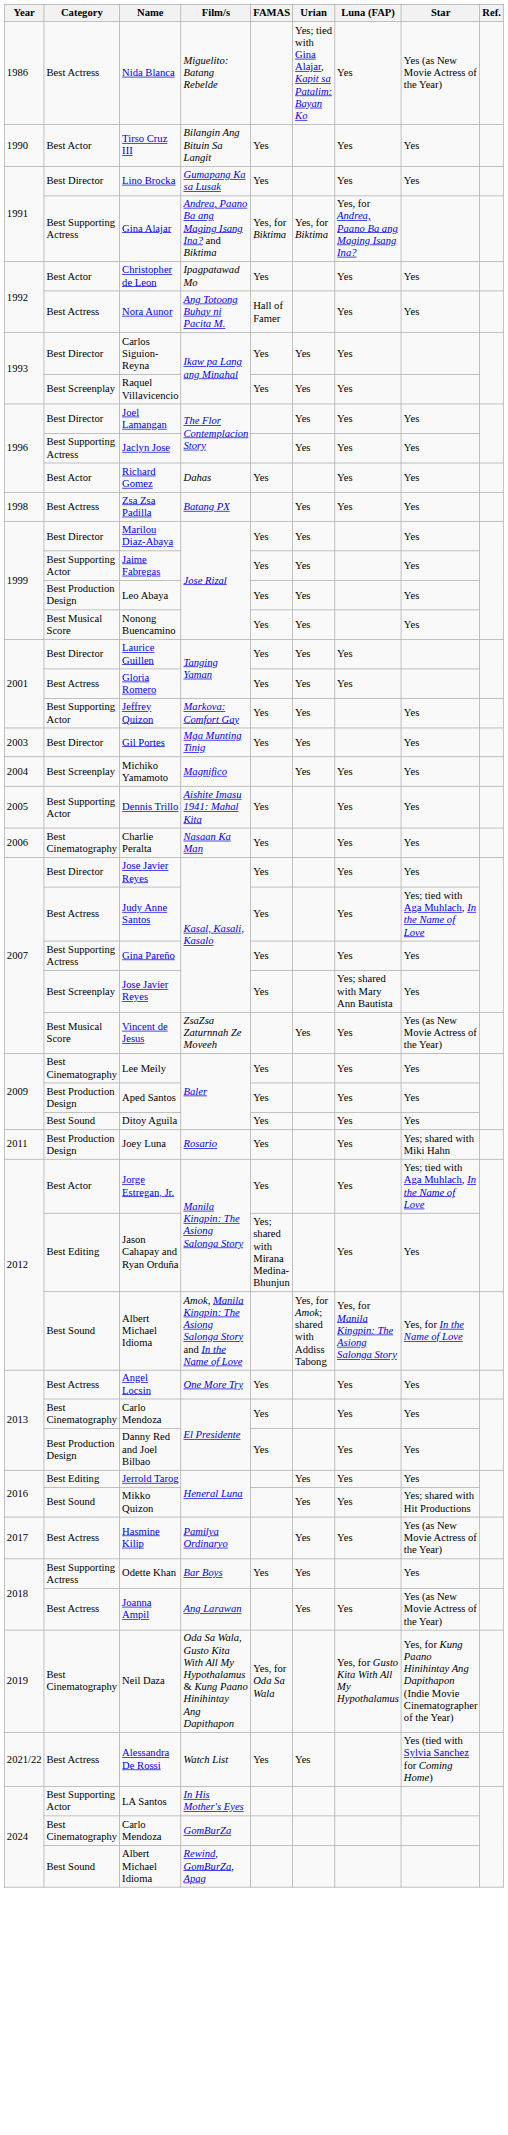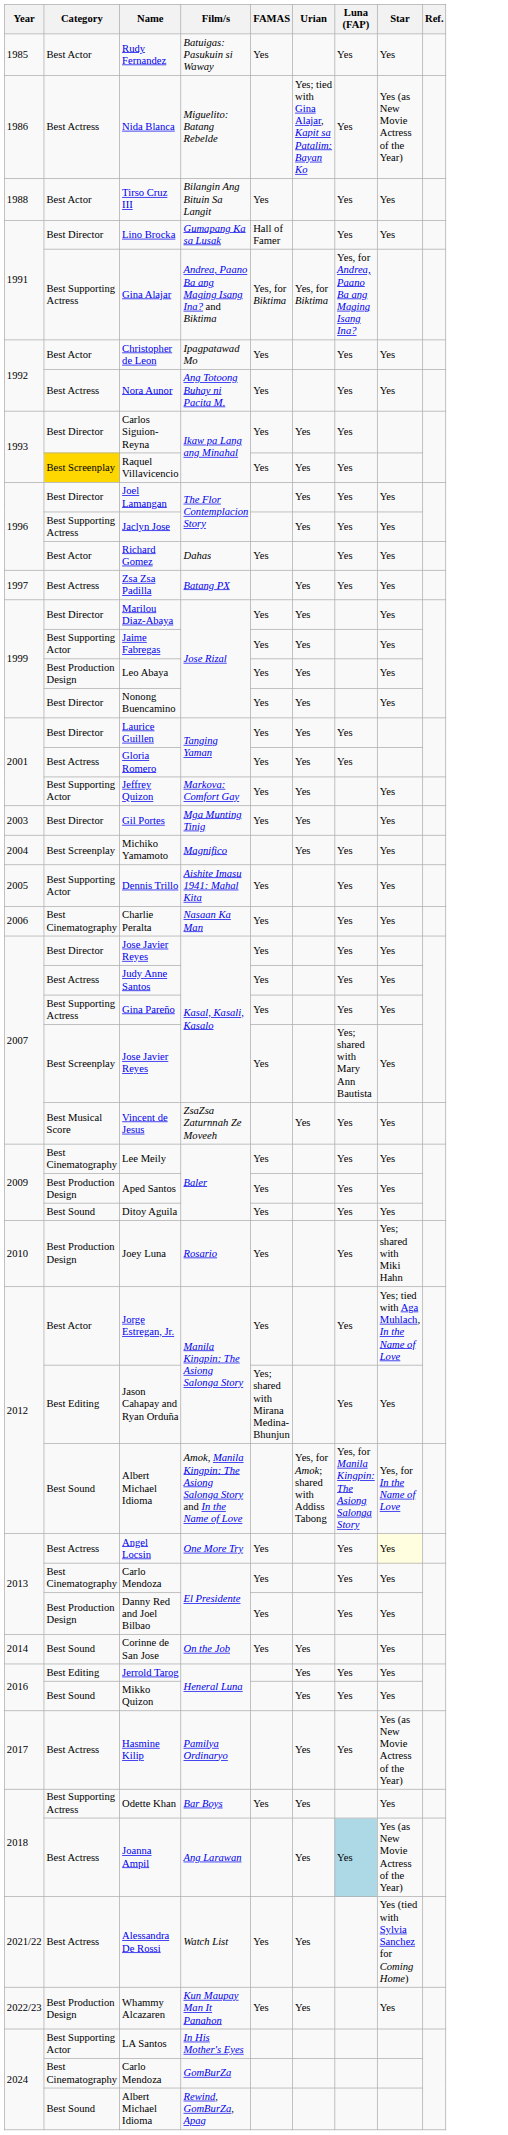 <table class=wikitable style="font-size:92%;" style="text-align:center">
 <tr>
 <th>Year</th>
 <th>Category</th>
 <th>Name</th>
 <th>Film/s</th>
 <th>FAMAS</th>
 <th>Urian</th>
 <th>Luna (FAP)</th>
 <th>Star</th>
 <th>Ref.</th>
 </tr>
 <tr>
+<td>1985</td>
+<td>Best Actor</td>
+<td><a href='#'>Rudy Fernandez</a></td>
+<td><em>Batuigas: Pasukuin si Waway</em></td>
+<td>Yes</td>
+<td></td>
+<td>Yes</td>
+<td>Yes</td>
+<td><br></td>
+</tr>
+<tr>
 <td>1986</td>
 <td>Best Actress</td>
 <td><a href='#'>Nida Blanca</a></td>
 <td><em>Miguelito: Batang Rebelde</em></td>
 <td></td>
 <td>Yes; tied with <a href='#'>Gina Alajar</a>, <em><a href='#'>Kapit sa Patalim: Bayan Ko</a></em></td>
 <td>Yes</td>
 <td>Yes (as New Movie Actress of the Year)</td>
 <td></td>
 </tr>
 <tr>
-<td>1990</td>
+<td>1988</td>
 <td>Best Actor</td>
 <td><a href='#'>Tirso Cruz III</a></td>
 <td><em>Bilangin Ang Bituin Sa Langit</em></td>
 <td>Yes</td>
 <td></td>
 <td>Yes</td>
 <td>Yes</td>
 <td><br></td>
 </tr>
 <tr>
 <td rowspan="2">1991</td>
 <td>Best Director</td>
 <td><a href='#'>Lino Brocka</a></td>
 <td><em><a href='#'>Gumapang Ka sa Lusak</a></em></td>
-<td>Yes</td>
+<td>Hall of Famer</td>
 <td></td>
 <td>Yes</td>
 <td>Yes</td>
 <td></td>
 </tr>
 <tr>
 <td>Best Supporting Actress</td>
 <td><a href='#'>Gina Alajar</a></td>
 <td><em><a href='#'>Andrea, Paano Ba ang Maging Isang Ina?</a></em> and <em>Biktima</em></td>
 <td>Yes, for <em>Biktima</em></td>
 <td>Yes, for <em>Biktima</em></td>
 <td>Yes, for <em><a href='#'>Andrea, Paano Ba ang Maging Isang Ina?</a></em></td>
 <td></td>
 <td></td>
 </tr>
 <tr>
 <td rowspan="2">1992</td>
 <td>Best Actor</td>
 <td><a href='#'>Christopher de Leon</a></td>
 <td><em>Ipagpatawad Mo</em></td>
 <td>Yes</td>
 <td></td>
 <td>Yes</td>
 <td>Yes</td>
 <td></td>
 </tr>
 <tr>
 <td>Best Actress</td>
 <td><a href='#'>Nora Aunor</a></td>
 <td><em><a href='#'>Ang Totoong Buhay ni Pacita M.</a></em></td>
-<td>Hall of Famer</td>
+<td>Yes</td>
 <td></td>
 <td>Yes</td>
 <td>Yes</td>
 <td></td>
 </tr>
 <tr>
 <td rowspan="2">1993</td>
 <td>Best Director</td>
 <td>Carlos Siguion-Reyna</td>
 <td rowspan="2"><em><a href='#'>Ikaw pa Lang ang Minahal</a></em></td>
 <td>Yes</td>
 <td>Yes</td>
 <td>Yes</td>
 <td></td>
 <td rowspan="2"></td>
 </tr>
 <tr>
-<td>Best Screenplay</td>
+<td style="background: gold;">Best Screenplay</td>
 <td>Raquel Villavicencio</td>
 <td>Yes</td>
 <td>Yes</td>
 <td>Yes</td>
 <td></td>
 </tr>
 <tr>
 <td rowspan="3">1996</td>
 <td>Best Director</td>
 <td><a href='#'>Joel Lamangan</a></td>
 <td rowspan="2"><em><a href='#'>The Flor Contemplacion Story</a></em></td>
 <td></td>
 <td>Yes</td>
 <td>Yes</td>
 <td>Yes</td>
 <td rowspan="2"></td>
 </tr>
 <tr>
 <td>Best Supporting Actress</td>
 <td><a href='#'>Jaclyn Jose</a></td>
 <td></td>
 <td>Yes</td>
 <td>Yes</td>
 <td>Yes</td>
 </tr>
 <tr>
 <td>Best Actor</td>
 <td><a href='#'>Richard Gomez</a></td>
 <td><em>Dahas</em></td>
 <td>Yes</td>
 <td></td>
 <td>Yes</td>
 <td>Yes</td>
 <td></td>
 </tr>
 <tr>
-<td>1998</td>
+<td>1997</td>
 <td>Best Actress</td>
 <td><a href='#'>Zsa Zsa Padilla</a></td>
 <td><em><a href='#'>Batang PX</a></em></td>
 <td></td>
 <td>Yes</td>
 <td>Yes</td>
 <td>Yes</td>
 <td></td>
 </tr>
 <tr>
 <td rowspan="4">1999</td>
 <td>Best Director</td>
 <td><a href='#'>Marilou Diaz-Abaya</a></td>
 <td rowspan="4"><em><a href='#'>Jose Rizal</a></em></td>
 <td>Yes</td>
 <td>Yes</td>
 <td></td>
 <td>Yes</td>
 <td rowspan="4"></td>
 </tr>
 <tr>
 <td>Best Supporting Actor</td>
 <td><a href='#'>Jaime Fabregas</a></td>
 <td>Yes</td>
 <td>Yes</td>
 <td></td>
 <td>Yes</td>
 </tr>
 <tr>
 <td>Best Production Design</td>
 <td>Leo Abaya</td>
 <td>Yes</td>
 <td>Yes</td>
 <td></td>
 <td>Yes</td>
 </tr>
 <tr>
-<td>Best Musical Score</td>
+<td>Best Director</td>
 <td>Nonong Buencamino</td>
 <td>Yes</td>
 <td>Yes</td>
 <td></td>
 <td>Yes</td>
 </tr>
 <tr>
 <td rowspan="3">2001</td>
 <td>Best Director</td>
 <td><a href='#'>Laurice Guillen</a></td>
 <td rowspan="2"><em><a href='#'>Tanging Yaman</a></em></td>
 <td>Yes</td>
 <td>Yes</td>
 <td>Yes</td>
 <td></td>
 <td rowspan="2"></td>
 </tr>
 <tr>
 <td>Best Actress</td>
 <td><a href='#'>Gloria Romero</a></td>
 <td>Yes</td>
 <td>Yes</td>
 <td>Yes</td>
 <td></td>
 </tr>
 <tr>
 <td>Best Supporting Actor</td>
 <td><a href='#'>Jeffrey Quizon</a></td>
 <td><em><a href='#'>Markova: Comfort Gay</a></em></td>
 <td>Yes</td>
 <td>Yes</td>
 <td></td>
 <td>Yes</td>
 <td></td>
 </tr>
 <tr>
 <td>2003</td>
 <td>Best Director</td>
 <td><a href='#'>Gil Portes</a></td>
 <td><em><a href='#'>Mga Munting Tinig</a></em></td>
 <td>Yes</td>
 <td>Yes</td>
 <td></td>
 <td>Yes</td>
 <td></td>
 </tr>
 <tr>
 <td>2004</td>
 <td>Best Screenplay</td>
 <td>Michiko Yamamoto</td>
 <td><em><a href='#'>Magnifico</a></em></td>
 <td></td>
 <td>Yes</td>
 <td>Yes</td>
 <td>Yes</td>
 <td></td>
 </tr>
 <tr>
 <td>2005</td>
 <td>Best Supporting Actor </td>
 <td><a href='#'>Dennis Trillo</a></td>
 <td><em><a href='#'>Aishite Imasu 1941: Mahal Kita</a></em></td>
 <td>Yes</td>
 <td></td>
 <td>Yes</td>
 <td>Yes</td>
 <td></td>
 </tr>
 <tr>
 <td>2006</td>
 <td>Best Cinematography</td>
 <td>Charlie Peralta</td>
 <td><em><a href='#'>Nasaan Ka Man</a></em></td>
 <td>Yes</td>
 <td></td>
 <td>Yes</td>
 <td>Yes</td>
 <td></td>
 </tr>
 <tr>
 <td rowspan="5">2007</td>
 <td>Best Director</td>
 <td><a href='#'>Jose Javier Reyes</a></td>
 <td rowspan="4"><em><a href='#'>Kasal, Kasali, Kasalo</a></em></td>
 <td>Yes</td>
 <td></td>
 <td>Yes</td>
 <td>Yes</td>
 <td rowspan="4"></td>
 </tr>
 <tr>
 <td>Best Actress</td>
 <td><a href='#'>Judy Anne Santos</a></td>
 <td>Yes</td>
 <td></td>
 <td>Yes</td>
-<td>Yes; tied with <a href='#'>Aga Muhlach</a>, <em><a href='#'>In the Name of Love</a></em></td>
+<td>Yes</td>
 </tr>
 <tr>
 <td>Best Supporting Actress</td>
 <td><a href='#'>Gina Pareño</a></td>
 <td>Yes</td>
 <td></td>
 <td>Yes</td>
 <td>Yes</td>
 </tr>
 <tr>
 <td>Best Screenplay</td>
 <td><a href='#'>Jose Javier Reyes</a></td>
 <td>Yes</td>
 <td></td>
 <td>Yes; shared with Mary Ann Bautista</td>
 <td>Yes</td>
 </tr>
 <tr>
 <td>Best Musical Score</td>
 <td><a href='#'>Vincent de Jesus</a></td>
 <td><em>ZsaZsa Zaturnnah Ze Moveeh</em></td>
 <td></td>
 <td>Yes</td>
 <td>Yes</td>
-<td>Yes (as New Movie Actress of the Year)</td>
+<td>Yes</td>
 <td></td>
 </tr>
 <tr>
 <td rowspan="3">2009</td>
 <td>Best Cinematography</td>
 <td>Lee Meily</td>
 <td rowspan="3"><em><a href='#'>Baler</a></em></td>
 <td>Yes</td>
 <td></td>
 <td>Yes</td>
 <td>Yes</td>
 <td rowspan="3"></td>
 </tr>
 <tr>
 <td>Best Production Design</td>
 <td>Aped Santos</td>
 <td>Yes</td>
 <td></td>
 <td>Yes</td>
 <td>Yes</td>
 </tr>
 <tr>
 <td>Best Sound</td>
 <td>Ditoy Aguila</td>
 <td>Yes</td>
 <td></td>
 <td>Yes</td>
 <td>Yes</td>
 </tr>
 <tr>
-<td>2011</td>
+<td>2010</td>
 <td>Best Production Design</td>
 <td>Joey Luna</td>
 <td><em><a href='#'>Rosario</a></em></td>
 <td>Yes</td>
 <td></td>
 <td>Yes</td>
 <td>Yes; shared with Miki Hahn</td>
 <td></td>
 </tr>
 <tr>
 <td rowspan="3">2012</td>
 <td>Best Actor</td>
 <td><a href='#'>Jorge Estregan, Jr.</a></td>
 <td rowspan="2"><em><a href='#'>Manila Kingpin: The Asiong Salonga Story</a></em></td>
 <td>Yes</td>
 <td></td>
 <td>Yes</td>
 <td>Yes; tied with <a href='#'>Aga Muhlach</a>, <em><a href='#'>In the Name of Love</a></em></td>
 <td rowspan="2"></td>
 </tr>
 <tr>
 <td>Best Editing</td>
 <td>Jason Cahapay and Ryan Orduña</td>
 <td>Yes; shared with Mirana Medina-Bhunjun</td>
 <td></td>
 <td>Yes</td>
 <td>Yes</td>
 </tr>
 <tr>
 <td>Best Sound</td>
 <td>Albert Michael Idioma</td>
 <td><em>Amok</em>, <em><a href='#'>Manila Kingpin: The Asiong Salonga Story</a></em> and <em><a href='#'>In the Name of Love</a></em></td>
 <td></td>
 <td>Yes, for <em>Amok</em>; shared with Addiss Tabong</td>
 <td>Yes, for <em><a href='#'>Manila Kingpin: The Asiong Salonga Story</a></em></td>
 <td>Yes, for <em><a href='#'>In the Name of Love</a></em></td>
 <td></td>
 </tr>
 <tr>
 <td rowspan="3">2013</td>
 <td>Best Actress</td>
 <td><a href='#'>Angel Locsin</a></td>
 <td><em><a href='#'>One More Try</a></em></td>
 <td>Yes</td>
 <td></td>
 <td>Yes</td>
-<td>Yes</td>
+<td style="background: lightyellow;">Yes</td>
 <td></td>
 </tr>
 <tr>
 <td>Best Cinematography</td>
 <td>Carlo Mendoza</td>
 <td rowspan="2"><em><a href='#'>El Presidente</a></em></td>
 <td>Yes</td>
 <td></td>
 <td>Yes</td>
 <td>Yes</td>
 <td rowspan="2"></td>
 </tr>
 <tr>
 <td>Best Production Design</td>
 <td>Danny Red and Joel Bilbao</td>
 <td>Yes</td>
 <td></td>
 <td>Yes</td>
 <td>Yes</td>
 </tr>
 <tr>
+<td>2014</td>
+<td>Best Sound</td>
+<td>Corinne de San Jose</td>
+<td><em><a href='#'>On the Job</a></em></td>
+<td>Yes</td>
+<td>Yes</td>
+<td></td>
+<td>Yes</td>
+<td></td>
+</tr>
+<tr>
 <td rowspan="2">2016</td>
 <td>Best Editing</td>
 <td><a href='#'>Jerrold Tarog</a></td>
 <td rowspan="2"><em><a href='#'>Heneral Luna</a></em></td>
 <td></td>
 <td>Yes</td>
 <td>Yes</td>
 <td>Yes</td>
 <td rowspan="2"></td>
 </tr>
 <tr>
 <td>Best Sound</td>
 <td>Mikko Quizon</td>
 <td></td>
 <td>Yes</td>
 <td>Yes</td>
-<td>Yes; shared with Hit Productions</td>
+<td>Yes</td>
 </tr>
 <tr>
 <td>2017</td>
 <td>Best Actress</td>
 <td><a href='#'>Hasmine Kilip</a></td>
 <td><em><a href='#'>Pamilya Ordinaryo</a></em></td>
 <td></td>
 <td>Yes</td>
 <td>Yes</td>
 <td>Yes (as New Movie Actress of the Year)</td>
 <td></td>
 </tr>
 <tr>
 <td Rowspan="2">2018</td>
 <td>Best Supporting Actress</td>
 <td>Odette Khan</td>
 <td><em><a href='#'>Bar Boys</a></em></td>
 <td>Yes</td>
 <td>Yes</td>
 <td></td>
 <td>Yes</td>
 <td></td>
 </tr>
 <tr>
 <td>Best Actress</td>
 <td><a href='#'>Joanna Ampil</a></td>
 <td><em><a href='#'>Ang Larawan</a></em></td>
 <td></td>
 <td>Yes</td>
-<td>Yes</td>
+<td style="background: lightblue;">Yes</td>
 <td>Yes (as New Movie Actress of the Year)</td>
-<td></td>
-</tr>
-<tr>
-<td>2019</td>
-<td>Best Cinematography</td>
-<td>Neil Daza</td>
-<td><em>Oda Sa Wala</em>, <em>Gusto Kita With All My Hypothalamus</em> & <em>Kung Paano Hinihintay Ang Dapithapon</em></td>
-<td>Yes, for <em>Oda Sa Wala</em></td>
-<td></td>
-<td>Yes, for <em>Gusto Kita With All My Hypothalamus</em></td>
-<td>Yes, for <em>Kung Paano Hinihintay Ang Dapithapon</em> (Indie Movie Cinematographer of the Year)</td>
 <td></td>
 </tr>
 <tr>
 <td>2021/22</td>
 <td>Best Actress</td>
 <td><a href='#'>Alessandra De Rossi</a></td>
 <td><em>Watch List</em></td>
 <td>Yes</td>
 <td>Yes</td>
 <td></td>
 <td>Yes (tied with <a href='#'>Sylvia Sanchez</a> for <em>Coming Home</em>)</td>
 <td></td>
+</tr>
+<tr>
+<td>2022/23</td>
+<td>Best Production Design</td>
+<td>Whammy Alcazaren</td>
+<td><em><a href='#'>Kun Maupay Man It Panahon</a></em></td>
+<td>Yes</td>
+<td>Yes</td>
+<td></td>
+<td>Yes</td>
+<td><br> </td>
 </tr>
 <tr>
 <td rowspan="3">2024</td>
 <td>Best Supporting Actor</td>
 <td>LA Santos</td>
 <td><em><a href='#'>In His Mother's Eyes</a></em></td>
 <td></td>
 <td></td>
 <td></td>
 <td></td>
 <td rowspan="3"><br>      </td>
 </tr>
 <tr>
 <td>Best Cinematography</td>
 <td>Carlo Mendoza</td>
 <td><em><a href='#'>GomBurZa</a></em></td>
 <td></td>
 <td></td>
 <td></td>
 <td></td>
 </tr>
 <tr>
 <td>Best Sound</td>
 <td>Albert Michael Idioma</td>
 <td><em><a href='#'>Rewind</a></em>, <em><a href='#'>GomBurZa</a></em>, <em><a href='#'>Apag</a></em></td>
 <td></td>
 <td></td>
 <td></td>
 <td></td>
 </tr>
 </table>
